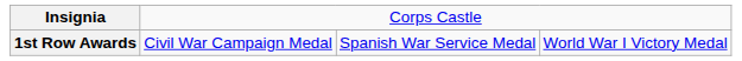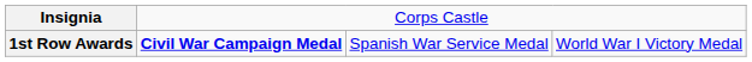 <table class="wikitable" style="margin:1em auto; text-align:center;">
 <tr>
 <th>Insignia</th>
 <td colspan="3"><a href='#'>Corps Castle</a></td>
 </tr>
 <tr>
 <th>1st Row Awards</th>
-<td><a href='#'>Civil War Campaign Medal</a></td>
+<td><strong><a href='#'>Civil War Campaign Medal</a></strong></td>
 <td><a href='#'>Spanish War Service Medal</a></td>
 <td><a href='#'>World War I Victory Medal</a></td>
 </tr>
 </table>
